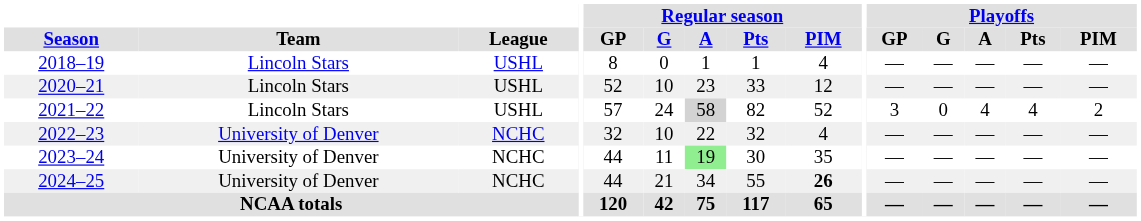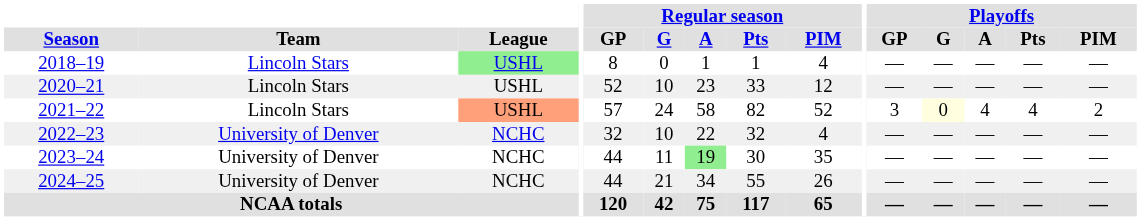 <table border="0" cellpadding="1" cellspacing="0" style="text-align:center; width:60em">
 <tr bgcolor="#e0e0e0">
 <th colspan="3" bgcolor="#ffffff"></th>
 <th rowspan="100" bgcolor="#ffffff"></th>
 <th colspan="5"><a href='#'>Regular season</a></th>
 <th rowspan="100" bgcolor="#ffffff"></th>
 <th colspan="5"><a href='#'>Playoffs</a></th>
 </tr>
 <tr bgcolor="#e0e0e0">
 <th><a href='#'>Season</a></th>
 <th>Team</th>
 <th>League</th>
 <th>GP</th>
 <th><a href='#'>G</a></th>
 <th><a href='#'>A</a></th>
 <th><a href='#'>Pts</a></th>
 <th><a href='#'>PIM</a></th>
 <th>GP</th>
 <th>G</th>
 <th>A</th>
 <th>Pts</th>
 <th>PIM</th>
 </tr>
 <tr>
 <td><a href='#'>2018–19</a></td>
 <td><a href='#'>Lincoln Stars</a></td>
-<td><a href='#'>USHL</a></td>
+<td style="background: lightgreen;"><a href='#'>USHL</a></td>
 <td>8</td>
 <td>0</td>
 <td>1</td>
 <td>1</td>
 <td>4</td>
 <td>—</td>
 <td>—</td>
 <td>—</td>
 <td>—</td>
 <td>—</td>
 </tr>
 <tr bgcolor="#f0f0f0">
 <td><a href='#'>2020–21</a></td>
 <td>Lincoln Stars</td>
 <td>USHL</td>
 <td>52</td>
 <td>10</td>
 <td>23</td>
 <td>33</td>
 <td>12</td>
 <td>—</td>
 <td>—</td>
 <td>—</td>
 <td>—</td>
 <td>—</td>
 </tr>
 <tr>
 <td><a href='#'>2021–22</a></td>
 <td>Lincoln Stars</td>
-<td>USHL</td>
+<td style="background: lightsalmon;">USHL</td>
 <td>57</td>
 <td>24</td>
-<td style="background: lightgrey;">58</td>
+<td>58</td>
 <td>82</td>
 <td>52</td>
 <td>3</td>
-<td>0</td>
+<td style="background: lightyellow;">0</td>
 <td>4</td>
 <td>4</td>
 <td>2</td>
 </tr>
 <tr bgcolor="#f0f0f0">
 <td><a href='#'>2022–23</a></td>
 <td><a href='#'>University of Denver</a></td>
 <td><a href='#'>NCHC</a></td>
 <td>32</td>
 <td>10</td>
 <td>22</td>
 <td>32</td>
 <td>4</td>
 <td>—</td>
 <td>—</td>
 <td>—</td>
 <td>—</td>
 <td>—</td>
 </tr>
 <tr>
 <td><a href='#'>2023–24</a></td>
 <td>University of Denver</td>
 <td>NCHC</td>
 <td>44</td>
 <td>11</td>
 <td style="background: lightgreen;">19</td>
 <td>30</td>
 <td>35</td>
 <td>—</td>
 <td>—</td>
 <td>—</td>
 <td>—</td>
 <td>—</td>
 </tr>
 <tr bgcolor="#f0f0f0">
 <td><a href='#'>2024–25</a></td>
 <td>University of Denver</td>
 <td>NCHC</td>
 <td>44</td>
 <td>21</td>
 <td>34</td>
 <td>55</td>
-<td><strong>26</strong></td>
+<td>26</td>
 <td>—</td>
 <td>—</td>
 <td>—</td>
 <td>—</td>
 <td>—</td>
 </tr>
 <tr bgcolor="#e0e0e0">
 <th colspan="3">NCAA totals</th>
 <th>120</th>
 <th>42</th>
 <th>75</th>
 <th>117</th>
 <th>65</th>
 <th>—</th>
 <th>—</th>
 <th>—</th>
 <th>—</th>
 <th>—</th>
 </tr>
 </table>
